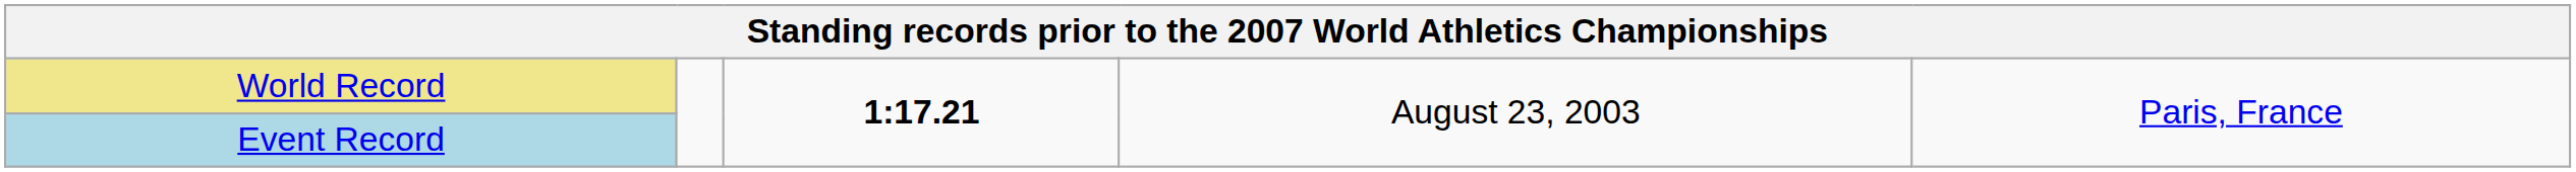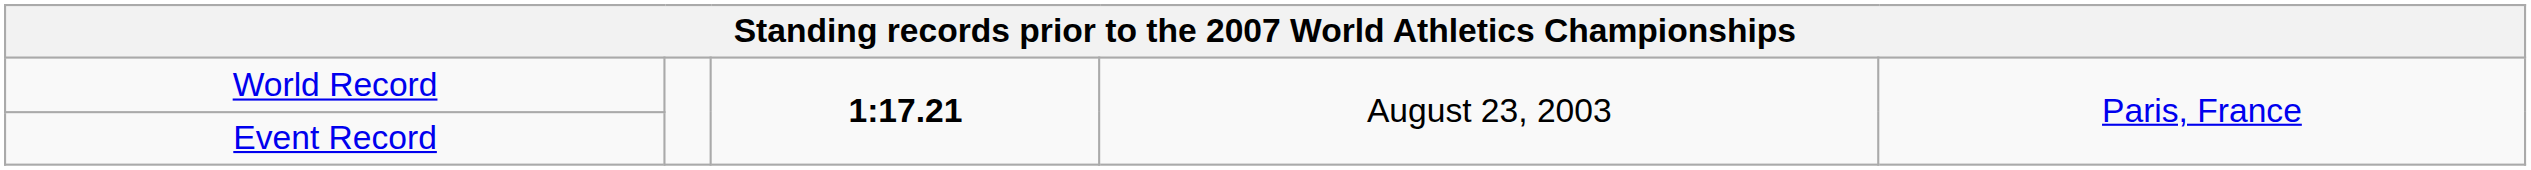 <table class="wikitable" style=" text-align:center;" width="95%">
 <tr>
 <th colspan="5">Standing records prior to the 2007 World Athletics Championships</th>
 </tr>
 <tr>
-<td style="background: khaki;"><a href='#'>World Record</a></td>
+<td><a href='#'>World Record</a></td>
 <td rowspan=2></td>
 <td rowspan=2><strong>1:17.21</strong></td>
 <td rowspan=2>August 23, 2003</td>
 <td rowspan=2> <a href='#'>Paris, France</a></td>
 </tr>
 <tr>
-<td style="background: lightblue;"><a href='#'>Event Record</a></td>
+<td><a href='#'>Event Record</a></td>
 </tr>
 </table>
